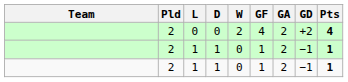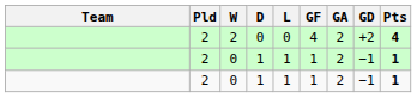 <table class="wikitable" style="text-align: center;">
 <tr>
 <th width=175>Team</th>
 <th width=20>Pld</th>
+<th width=20>W</th>
+<th width=20>D</th>
 <th width=20>L</th>
-<th width=20>D</th>
-<th width=20>W</th>
 <th width=20>GF</th>
 <th width=20>GA</th>
 <th width=20>GD</th>
 <th width=20>Pts</th>
 </tr>
 <tr bgcolor=ccffcc>
 <td style="text-align:left;"></td>
 <td>2</td>
+<td>2</td>
 <td>0</td>
 <td>0</td>
-<td>2</td>
 <td>4</td>
 <td>2</td>
 <td>+2</td>
 <td><strong>4</strong></td>
 </tr>
 <tr bgcolor=ccffcc>
 <td style="text-align:left;"></td>
 <td>2</td>
+<td>0</td>
 <td>1</td>
 <td>1</td>
-<td>0</td>
 <td>1</td>
 <td>2</td>
 <td>−1</td>
 <td><strong>1</strong></td>
 </tr>
 <tr>
 <td style="text-align:left;"></td>
 <td>2</td>
+<td>0</td>
 <td>1</td>
 <td>1</td>
-<td>0</td>
 <td>1</td>
 <td>2</td>
 <td>−1</td>
 <td><strong>1</strong></td>
 </tr>
 </table>
